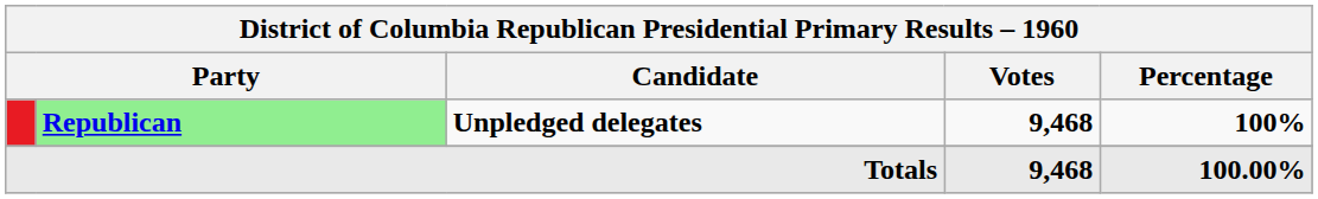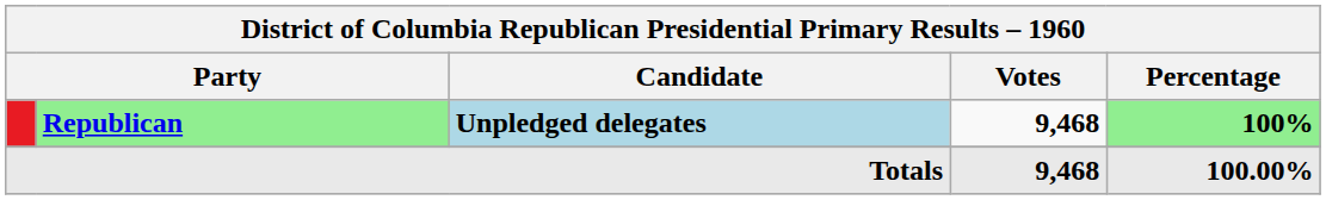 <table class="wikitable" style="font-size: 95%;">
 <tr>
 <th colspan="7">District of Columbia Republican Presidential Primary Results – 1960</th>
 </tr>
 <tr>
 <th colspan="2" style="width: 15em">Party</th>
 <th style="width: 17em">Candidate</th>
 <th style="width: 5em">Votes</th>
 <th style="width: 7em">Percentage</th>
 </tr>
 <tr>
 <th style="background-color:#E81B23; width: 3px"></th>
 <td style="background: lightgreen; width: 130px"><strong><a href='#'>Republican</a></strong></td>
-<td><strong>Unpledged delegates</strong></td>
+<td style="background: lightblue;"><strong>Unpledged delegates</strong></td>
 <td align="right"><strong>9,468</strong></td>
-<td align="right"><strong>100%</strong></td>
+<td align="right" style="background: lightgreen;"><strong>100%</strong></td>
 </tr>
 <tr>
 </tr>
 <tr bgcolor="#E9E9E9">
 <td colspan="3" align="right"><strong>Totals</strong></td>
 <td align="right"><strong>9,468</strong></td>
 <td align="right"><strong>100.00%</strong></td>
 </tr>
 </table>
